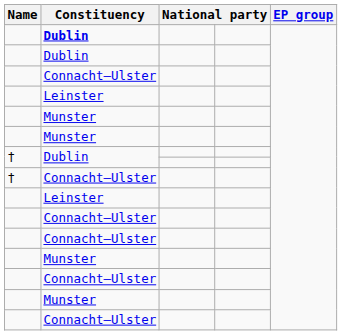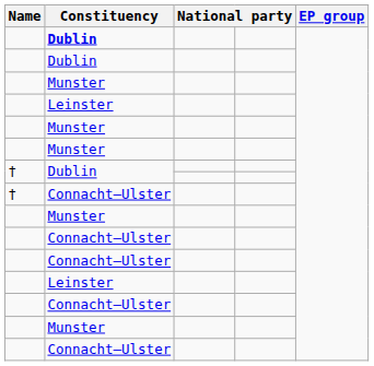 <table class="wikitable sortable">
 <tr>
 <th>Name</th>
 <th>Constituency</th>
 <th colspan=2>National party</th>
 <th colspan=2><a href='#'>EP group</a></th>
 </tr>
 <tr>
 <td></td>
 <td><strong><a href='#'>Dublin</a></strong></td>
 <td></td>
 <td></td>
 </tr>
 <tr>
 <td></td>
 <td><a href='#'>Dublin</a></td>
 <td></td>
 <td></td>
 </tr>
 <tr>
 <td></td>
-<td><a href='#'>Connacht–Ulster</a></td>
+<td><a href='#'>Munster</a></td>
 <td></td>
 <td></td>
 </tr>
 <tr>
 <td></td>
 <td><a href='#'>Leinster</a></td>
 <td></td>
 <td></td>
 </tr>
 <tr>
 <td></td>
 <td><a href='#'>Munster</a></td>
 <td></td>
 <td></td>
 </tr>
 <tr>
 <td></td>
 <td><a href='#'>Munster</a></td>
 <td></td>
 <td></td>
 </tr>
 <tr>
 <td rowspan = 2>†</td>
 <td rowspan = 2><a href='#'>Dublin</a></td>
 <td></td>
 <td></td>
 </tr>
 <tr>
 <td></td>
 <td></td>
 </tr>
 <tr>
 <td>†</td>
 <td><a href='#'>Connacht–Ulster</a></td>
 <td></td>
 <td></td>
 </tr>
 <tr>
 <td></td>
-<td><a href='#'>Leinster</a></td>
+<td><a href='#'>Munster</a></td>
 <td></td>
 <td></td>
 </tr>
 <tr>
 <td></td>
 <td><a href='#'>Connacht–Ulster</a></td>
 <td></td>
 <td></td>
 </tr>
 <tr>
 <td></td>
 <td><a href='#'>Connacht–Ulster</a></td>
 <td></td>
 <td></td>
 </tr>
 <tr>
 <td></td>
-<td><a href='#'>Munster</a></td>
+<td><a href='#'>Leinster</a></td>
 <td></td>
 <td></td>
 </tr>
 <tr>
 <td></td>
 <td><a href='#'>Connacht–Ulster</a></td>
 <td></td>
 <td></td>
 </tr>
 <tr>
 <td></td>
 <td><a href='#'>Munster</a></td>
 <td></td>
 <td></td>
 </tr>
 <tr>
 <td></td>
 <td><a href='#'>Connacht–Ulster</a></td>
 <td></td>
 <td></td>
 </tr>
 </table>
